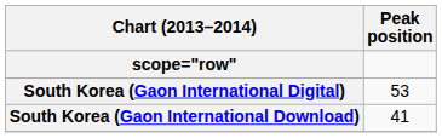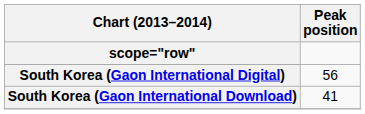 <table class="wikitable plainrowheaders sortable" style="text-align:center;">
 <tr>
 <th scope="col">Chart (2013–2014)</th>
 <th scope="col">Peak<br>position</th>
 </tr>
 <tr>
 <th>scope="row"</th>
 </tr>
 <tr>
 </tr>
 <tr>
 <th scope="row">South Korea (<a href='#'>Gaon International Digital</a>)</th>
-<td>53</td>
+<td>56</td>
 </tr>
 <tr>
 <th scope="row">South Korea (<a href='#'>Gaon International Download</a>)</th>
 <td>41</td>
 </tr>
 <tr>
 </tr>
 </table>
